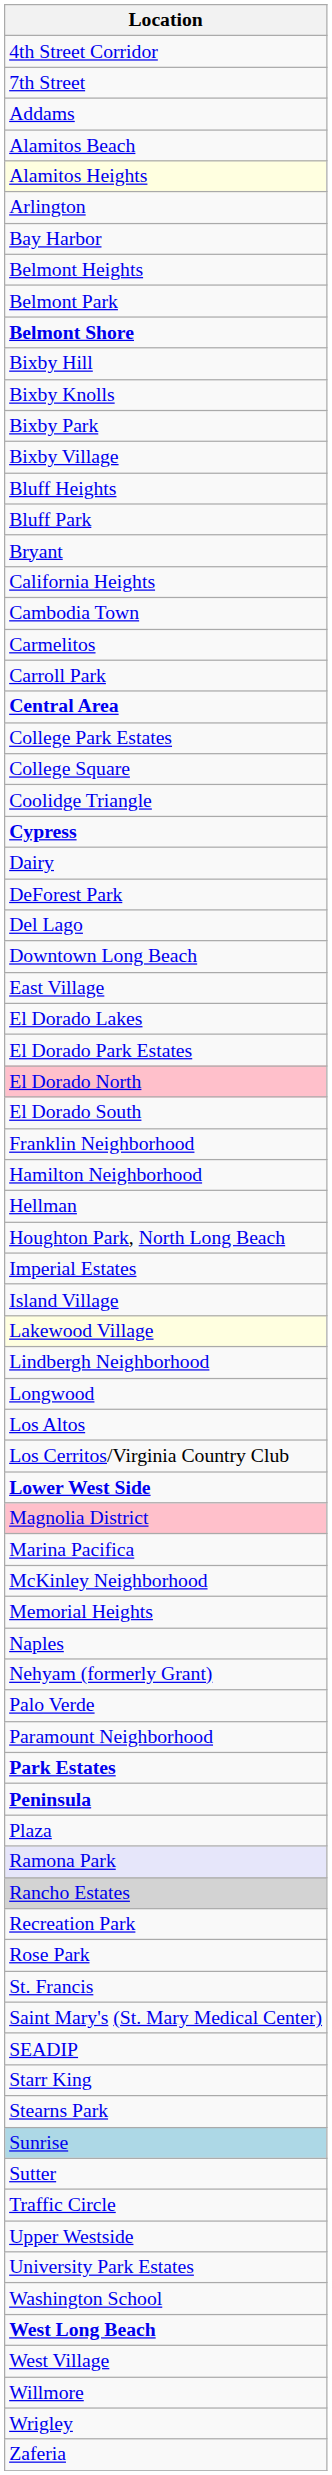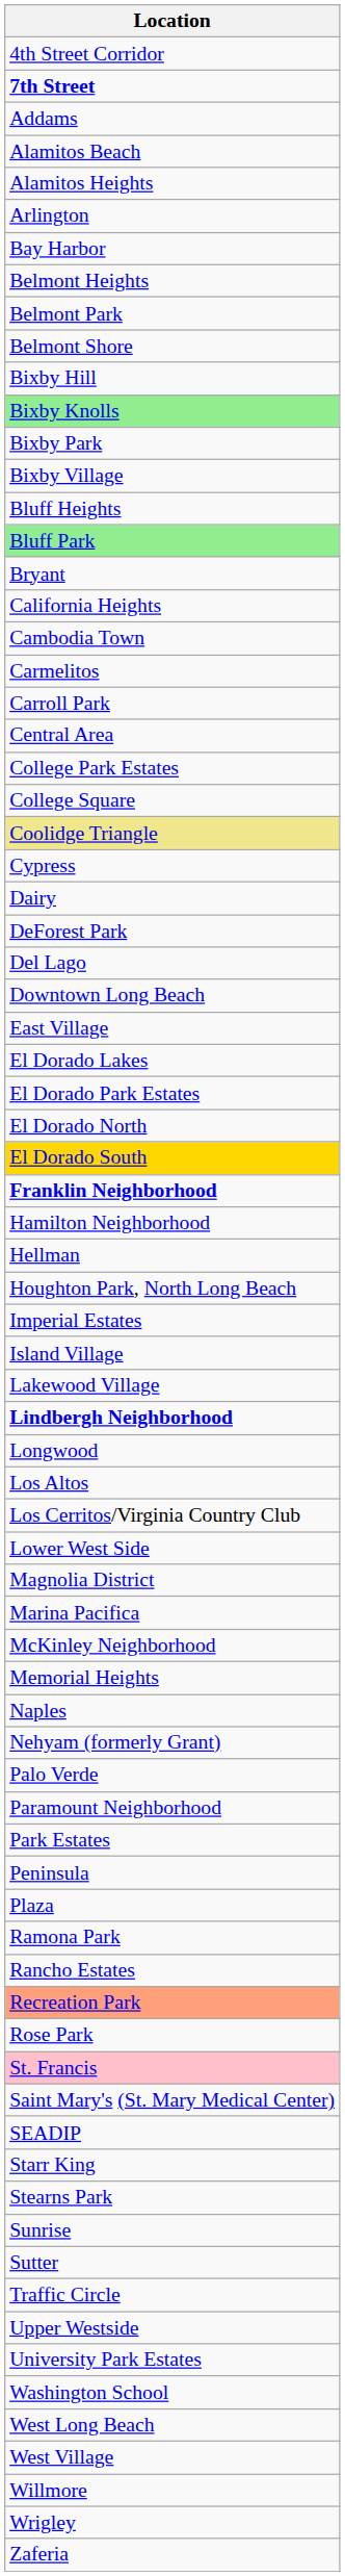 <table class="wikitable">
 <tr>
 <th>Location</th>
 </tr>
 <tr>
 <td><a href='#'>4th Street Corridor</a></td>
 </tr>
 <tr>
-<td><a href='#'>7th Street</a></td>
+<td><strong><a href='#'>7th Street</a></strong></td>
 </tr>
 <tr>
 <td><a href='#'>Addams</a></td>
 </tr>
 <tr>
 <td><a href='#'>Alamitos Beach</a></td>
 </tr>
 <tr>
-<td style="background: lightyellow;"><a href='#'>Alamitos Heights</a></td>
+<td><a href='#'>Alamitos Heights</a></td>
 </tr>
 <tr>
 <td><a href='#'>Arlington</a></td>
 </tr>
 <tr>
 <td><a href='#'>Bay Harbor</a></td>
 </tr>
 <tr>
 <td><a href='#'>Belmont Heights</a></td>
 </tr>
 <tr>
 <td><a href='#'>Belmont Park</a></td>
 </tr>
 <tr>
-<td><strong><a href='#'>Belmont Shore</a></strong></td>
+<td><a href='#'>Belmont Shore</a></td>
 </tr>
 <tr>
 <td><a href='#'>Bixby Hill</a></td>
 </tr>
 <tr>
-<td><a href='#'>Bixby Knolls</a></td>
+<td style="background: lightgreen;"><a href='#'>Bixby Knolls</a></td>
 </tr>
 <tr>
 <td><a href='#'>Bixby Park</a></td>
 </tr>
 <tr>
 <td><a href='#'>Bixby Village</a></td>
 </tr>
 <tr>
 <td><a href='#'>Bluff Heights</a></td>
 </tr>
 <tr>
-<td><a href='#'>Bluff Park</a></td>
+<td style="background: lightgreen;"><a href='#'>Bluff Park</a></td>
 </tr>
 <tr>
 <td><a href='#'>Bryant</a></td>
 </tr>
 <tr>
 <td><a href='#'>California Heights</a></td>
 </tr>
 <tr>
 <td><a href='#'>Cambodia Town</a></td>
 </tr>
 <tr>
 <td><a href='#'>Carmelitos</a></td>
 </tr>
 <tr>
 <td><a href='#'>Carroll Park</a></td>
 </tr>
 <tr>
-<td><strong><a href='#'>Central Area</a></strong></td>
+<td><a href='#'>Central Area</a></td>
 </tr>
 <tr>
 <td><a href='#'>College Park Estates</a></td>
 </tr>
 <tr>
 <td><a href='#'>College Square</a></td>
 </tr>
 <tr>
-<td><a href='#'>Coolidge Triangle</a></td>
+<td style="background: khaki;"><a href='#'>Coolidge Triangle</a></td>
 </tr>
 <tr>
-<td><strong><a href='#'>Cypress</a></strong></td>
+<td><a href='#'>Cypress</a></td>
 </tr>
 <tr>
 <td><a href='#'>Dairy</a></td>
 </tr>
 <tr>
 <td><a href='#'>DeForest Park</a></td>
 </tr>
 <tr>
 <td><a href='#'>Del Lago</a></td>
 </tr>
 <tr>
 <td><a href='#'>Downtown Long Beach</a></td>
 </tr>
 <tr>
 <td><a href='#'>East Village</a></td>
 </tr>
 <tr>
 <td><a href='#'>El Dorado Lakes</a></td>
 </tr>
 <tr>
 <td><a href='#'>El Dorado Park Estates</a></td>
 </tr>
 <tr>
-<td style="background: pink;"><a href='#'>El Dorado North</a></td>
+<td><a href='#'>El Dorado North</a></td>
 </tr>
 <tr>
-<td><a href='#'>El Dorado South</a></td>
+<td style="background: gold;"><a href='#'>El Dorado South</a></td>
 </tr>
 <tr>
-<td><a href='#'>Franklin Neighborhood</a></td>
+<td><strong><a href='#'>Franklin Neighborhood</a></strong></td>
 </tr>
 <tr>
 <td><a href='#'>Hamilton Neighborhood</a></td>
 </tr>
 <tr>
 <td><a href='#'>Hellman</a></td>
 </tr>
 <tr>
 <td><a href='#'>Houghton Park</a>, <a href='#'>North Long Beach</a></td>
 </tr>
 <tr>
 <td><a href='#'>Imperial Estates</a></td>
 </tr>
 <tr>
 <td><a href='#'>Island Village</a></td>
 </tr>
 <tr>
-<td style="background: lightyellow;"><a href='#'>Lakewood Village</a></td>
+<td><a href='#'>Lakewood Village</a></td>
 </tr>
 <tr>
-<td><a href='#'>Lindbergh Neighborhood</a></td>
+<td><strong><a href='#'>Lindbergh Neighborhood</a></strong></td>
 </tr>
 <tr>
 <td><a href='#'>Longwood</a></td>
 </tr>
 <tr>
 <td><a href='#'>Los Altos</a></td>
 </tr>
 <tr>
 <td><a href='#'>Los Cerritos</a>/Virginia Country Club</td>
 </tr>
 <tr>
-<td><strong><a href='#'>Lower West Side</a></strong></td>
+<td><a href='#'>Lower West Side</a></td>
 </tr>
 <tr>
-<td style="background: pink;"><a href='#'>Magnolia District</a></td>
+<td><a href='#'>Magnolia District</a></td>
 </tr>
 <tr>
 <td><a href='#'>Marina Pacifica</a></td>
 </tr>
 <tr>
 <td><a href='#'>McKinley Neighborhood</a></td>
 </tr>
 <tr>
 <td><a href='#'>Memorial Heights</a></td>
 </tr>
 <tr>
 <td><a href='#'>Naples</a></td>
 </tr>
 <tr>
 <td><a href='#'>Nehyam (formerly Grant)</a></td>
 </tr>
 <tr>
 <td><a href='#'>Palo Verde</a></td>
 </tr>
 <tr>
 <td><a href='#'>Paramount Neighborhood</a></td>
 </tr>
 <tr>
-<td><strong><a href='#'>Park Estates</a></strong></td>
+<td><a href='#'>Park Estates</a></td>
 </tr>
 <tr>
-<td><strong><a href='#'>Peninsula</a></strong></td>
+<td><a href='#'>Peninsula</a></td>
 </tr>
 <tr>
 <td><a href='#'>Plaza</a></td>
 </tr>
 <tr>
-<td style="background: lavender;"><a href='#'>Ramona Park</a></td>
+<td><a href='#'>Ramona Park</a></td>
 </tr>
 <tr>
-<td style="background: lightgrey;"><a href='#'>Rancho Estates</a></td>
+<td><a href='#'>Rancho Estates</a></td>
 </tr>
 <tr>
-<td><a href='#'>Recreation Park</a></td>
+<td style="background: lightsalmon;"><a href='#'>Recreation Park</a></td>
 </tr>
 <tr>
 <td><a href='#'>Rose Park</a></td>
 </tr>
 <tr>
-<td><a href='#'>St. Francis</a></td>
+<td style="background: pink;"><a href='#'>St. Francis</a></td>
 </tr>
 <tr>
 <td><a href='#'>Saint Mary's</a> <a href='#'>(St. Mary Medical Center)</a></td>
 </tr>
 <tr>
 <td><a href='#'>SEADIP</a></td>
 </tr>
 <tr>
 <td><a href='#'>Starr King</a></td>
 </tr>
 <tr>
 <td><a href='#'>Stearns Park</a></td>
 </tr>
 <tr>
-<td style="background: lightblue;"><a href='#'>Sunrise</a></td>
+<td><a href='#'>Sunrise</a></td>
 </tr>
 <tr>
 <td><a href='#'>Sutter</a></td>
 </tr>
 <tr>
 <td><a href='#'>Traffic Circle</a></td>
 </tr>
 <tr>
 <td><a href='#'>Upper Westside</a></td>
 </tr>
 <tr>
 <td><a href='#'>University Park Estates</a></td>
 </tr>
 <tr>
 <td><a href='#'>Washington School</a></td>
 </tr>
 <tr>
-<td><strong><a href='#'>West Long Beach</a></strong></td>
+<td><a href='#'>West Long Beach</a></td>
 </tr>
 <tr>
 <td><a href='#'>West Village</a></td>
 </tr>
 <tr>
 <td><a href='#'>Willmore</a></td>
 </tr>
 <tr>
 <td><a href='#'>Wrigley</a></td>
 </tr>
 <tr>
 <td><a href='#'>Zaferia</a></td>
 </tr>
 </table>
